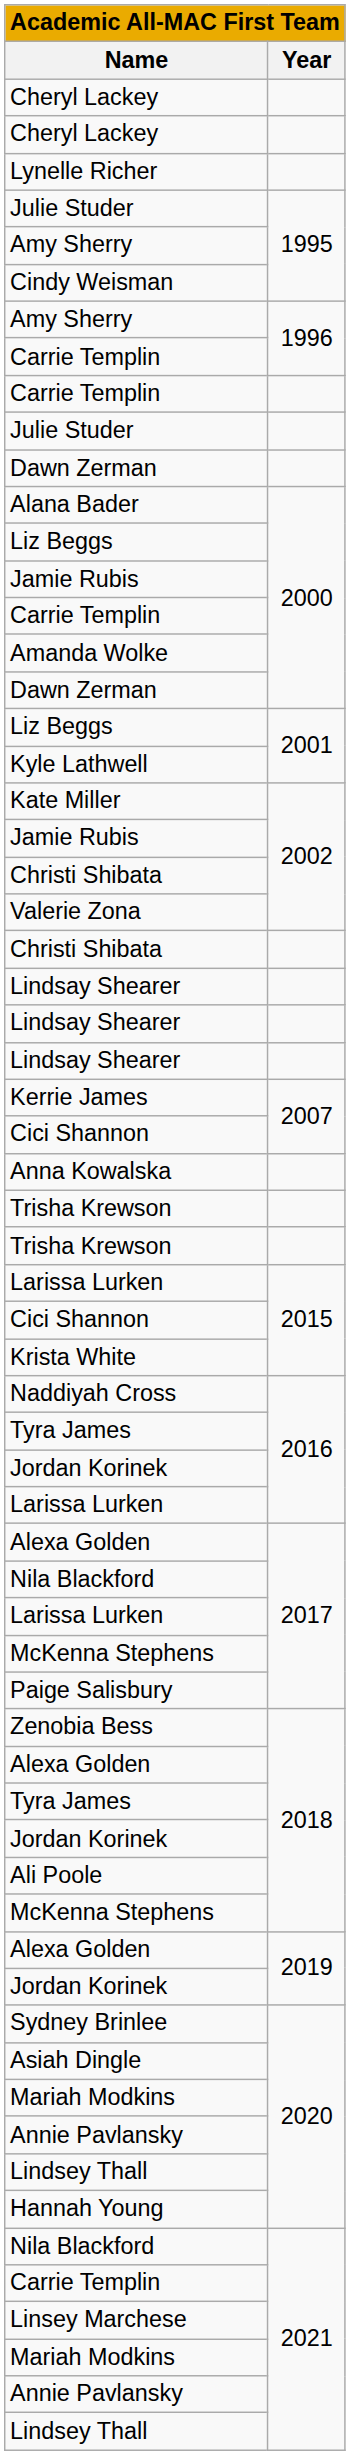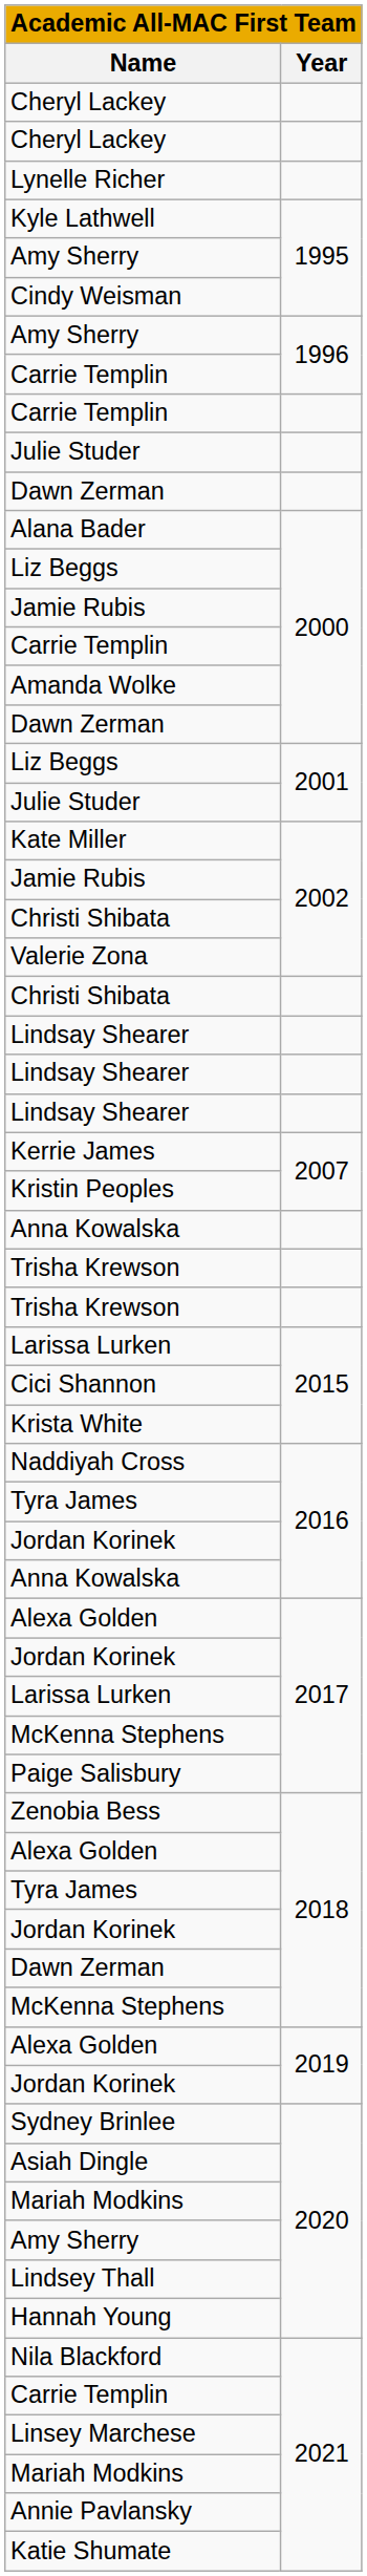 <table class="wikitable">
 <tr>
 <th colspan=2 style="background:#eaab00;">Academic All-MAC First Team</th>
 </tr>
 <tr>
 <th>Name</th>
 <th>Year</th>
 </tr>
 <tr>
 <td>Cheryl Lackey</td>
 <td></td>
 </tr>
 <tr>
 <td>Cheryl Lackey</td>
 <td></td>
 </tr>
 <tr>
 <td>Lynelle Richer</td>
 <td></td>
 </tr>
 <tr>
-<td>Julie Studer</td>
+<td>Kyle Lathwell</td>
 <td rowspan=3 style="text-align:center;">1995</td>
 </tr>
 <tr>
 <td>Amy Sherry</td>
 </tr>
 <tr>
 <td>Cindy Weisman</td>
 </tr>
 <tr>
 <td>Amy Sherry</td>
 <td rowspan=2 style="text-align:center;">1996</td>
 </tr>
 <tr>
 <td>Carrie Templin</td>
 </tr>
 <tr>
 <td>Carrie Templin</td>
 <td></td>
 </tr>
 <tr>
 <td>Julie Studer</td>
 <td></td>
 </tr>
 <tr>
 <td>Dawn Zerman</td>
 <td></td>
 </tr>
 <tr>
 <td>Alana Bader</td>
 <td rowspan=6 style="text-align:center;">2000</td>
 </tr>
 <tr>
 <td>Liz Beggs</td>
 </tr>
 <tr>
 <td>Jamie Rubis</td>
 </tr>
 <tr>
 <td>Carrie Templin</td>
 </tr>
 <tr>
 <td>Amanda Wolke</td>
 </tr>
 <tr>
 <td>Dawn Zerman</td>
 </tr>
 <tr>
 <td>Liz Beggs</td>
 <td rowspan=2 style="text-align:center;">2001</td>
 </tr>
 <tr>
-<td>Kyle Lathwell</td>
+<td>Julie Studer</td>
 </tr>
 <tr>
 <td>Kate Miller</td>
 <td rowspan=4 style="text-align:center;">2002</td>
 </tr>
 <tr>
 <td>Jamie Rubis</td>
 </tr>
 <tr>
 <td>Christi Shibata</td>
 </tr>
 <tr>
 <td>Valerie Zona</td>
 </tr>
 <tr>
 <td>Christi Shibata</td>
 <td></td>
 </tr>
 <tr>
 <td>Lindsay Shearer</td>
 <td></td>
 </tr>
 <tr>
 <td>Lindsay Shearer</td>
 <td></td>
 </tr>
 <tr>
 <td>Lindsay Shearer</td>
 <td></td>
 </tr>
 <tr>
 <td>Kerrie James</td>
 <td rowspan=2 style="text-align:center;">2007</td>
 </tr>
 <tr>
-<td>Cici Shannon</td>
+<td>Kristin Peoples</td>
 </tr>
 <tr>
 <td>Anna Kowalska</td>
 <td></td>
 </tr>
 <tr>
 <td>Trisha Krewson</td>
 <td></td>
 </tr>
 <tr>
 <td>Trisha Krewson</td>
 <td></td>
 </tr>
 <tr>
 <td>Larissa Lurken</td>
 <td rowspan=3 style="text-align:center;">2015</td>
 </tr>
 <tr>
 <td>Cici Shannon</td>
 </tr>
 <tr>
 <td>Krista White</td>
 </tr>
 <tr>
 <td>Naddiyah Cross</td>
 <td rowspan=4 style="text-align:center;">2016</td>
 </tr>
 <tr>
 <td>Tyra James</td>
 </tr>
 <tr>
 <td>Jordan Korinek</td>
 </tr>
 <tr>
-<td>Larissa Lurken</td>
+<td>Anna Kowalska</td>
 </tr>
 <tr>
 <td>Alexa Golden</td>
 <td rowspan=5 style="text-align:center;">2017</td>
 </tr>
 <tr>
-<td>Nila Blackford</td>
+<td>Jordan Korinek</td>
 </tr>
 <tr>
 <td>Larissa Lurken</td>
 </tr>
 <tr>
 <td>McKenna Stephens</td>
 </tr>
 <tr>
 <td>Paige Salisbury</td>
 </tr>
 <tr>
 <td>Zenobia Bess</td>
 <td rowspan=6 style="text-align:center;">2018</td>
 </tr>
 <tr>
 <td>Alexa Golden</td>
 </tr>
 <tr>
 <td>Tyra James</td>
 </tr>
 <tr>
 <td>Jordan Korinek</td>
 </tr>
 <tr>
-<td>Ali Poole</td>
+<td>Dawn Zerman</td>
 </tr>
 <tr>
 <td>McKenna Stephens</td>
 </tr>
 <tr>
 <td>Alexa Golden</td>
 <td rowspan=2 style="text-align:center;">2019</td>
 </tr>
 <tr>
 <td>Jordan Korinek</td>
 </tr>
 <tr>
 <td>Sydney Brinlee</td>
 <td rowspan=6 style="text-align:center;">2020</td>
 </tr>
 <tr>
 <td>Asiah Dingle</td>
 </tr>
 <tr>
 <td>Mariah Modkins</td>
 </tr>
 <tr>
-<td>Annie Pavlansky</td>
+<td>Amy Sherry</td>
 </tr>
 <tr>
 <td>Lindsey Thall</td>
 </tr>
 <tr>
 <td>Hannah Young</td>
 </tr>
 <tr>
 <td>Nila Blackford</td>
 <td rowspan=6 style="text-align:center;">2021</td>
 </tr>
 <tr>
 <td>Carrie Templin</td>
 </tr>
 <tr>
 <td>Linsey Marchese</td>
 </tr>
 <tr>
 <td>Mariah Modkins</td>
 </tr>
 <tr>
 <td>Annie Pavlansky</td>
 </tr>
 <tr>
-<td>Lindsey Thall</td>
+<td>Katie Shumate</td>
 </tr>
 </table>
